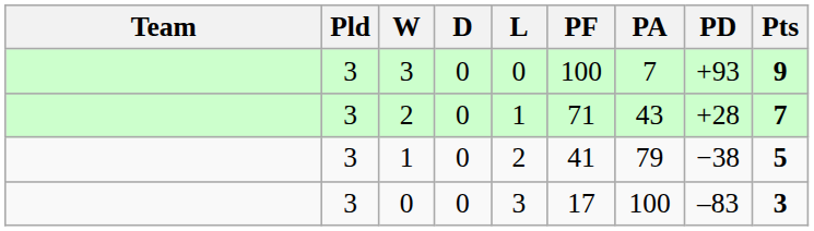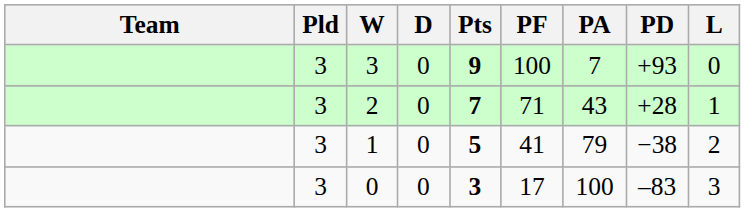 <table class="wikitable" style="text-align:center;">
 <tr>
 <th width=175>Team</th>
 <th width=25 abbr="Played">Pld</th>
 <th width=25 abbr="Won">W</th>
 <th width=25 abbr="Drawn">D</th>
-<th width=25 abbr="Lost">L</th>
+<th width=25 abbr="Points">Pts</th>
 <th width=32 abbr="Points for">PF</th>
 <th width=32 abbr="Points against">PA</th>
 <th width=32 abbr="Points difference">PD</th>
-<th width=25 abbr="Points">Pts</th>
+<th width=25 abbr="Lost">L</th>
 </tr>
 <tr bgcolor=ccffcc>
 <td align=left></td>
 <td>3</td>
 <td>3</td>
 <td>0</td>
-<td>0</td>
+<td><strong>9</strong></td>
 <td>100</td>
 <td>7</td>
 <td>+93</td>
-<td><strong>9</strong></td>
+<td>0</td>
 </tr>
 <tr bgcolor=ccffcc>
 <td align=left></td>
 <td>3</td>
 <td>2</td>
 <td>0</td>
-<td>1</td>
+<td><strong>7</strong></td>
 <td>71</td>
 <td>43</td>
 <td>+28</td>
-<td><strong>7</strong></td>
+<td>1</td>
 </tr>
 <tr>
 <td align=left></td>
 <td>3</td>
 <td>1</td>
 <td>0</td>
-<td>2</td>
+<td><strong>5</strong></td>
 <td>41</td>
 <td>79</td>
 <td>−38</td>
-<td><strong>5</strong></td>
+<td>2</td>
 </tr>
 <tr>
 <td align=left></td>
 <td>3</td>
 <td>0</td>
 <td>0</td>
-<td>3</td>
+<td><strong>3</strong></td>
 <td>17</td>
 <td>100</td>
 <td>–83</td>
-<td><strong>3</strong></td>
+<td>3</td>
 </tr>
 </table>
